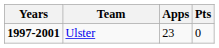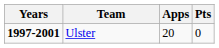 <table class="wikitable" style="text-align:left;">
 <tr>
 <th>Years</th>
 <th width=120px>Team</th>
 <th>Apps</th>
 <th>Pts</th>
 </tr>
 <tr>
 <td><strong>1997-2001</strong></td>
 <td><a href='#'>Ulster</a></td>
-<td>23</td>
+<td>20</td>
 <td>0</td>
 </tr>
 </table>
